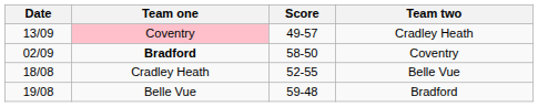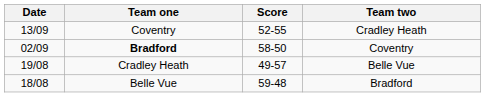 <table class="wikitable" style="text-align: center">
 <tr>
 <th width=80>Date</th>
 <th width=250>Team one</th>
 <th width=80>Score</th>
 <th width=250>Team two</th>
 </tr>
 <tr>
 <td>13/09</td>
-<td style="background: pink;">Coventry</td>
-<td>49-57</td>
+<td>Coventry</td>
+<td>52-55</td>
 <td>Cradley Heath</td>
 </tr>
 <tr>
 <td>02/09</td>
 <td><strong>Bradford</strong></td>
 <td>58-50</td>
 <td>Coventry</td>
 </tr>
 <tr>
-<td>18/08</td>
+<td>19/08</td>
 <td>Cradley Heath</td>
-<td>52-55</td>
+<td>49-57</td>
 <td>Belle Vue</td>
 </tr>
 <tr>
-<td>19/08</td>
+<td>18/08</td>
 <td>Belle Vue</td>
 <td>59-48</td>
 <td>Bradford</td>
 </tr>
 </table>
